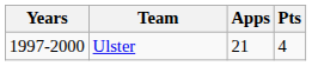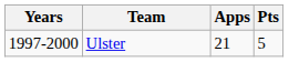 <table class="wikitable" style="text-align:left;">
 <tr>
 <th>Years</th>
 <th width=120px>Team</th>
 <th>Apps</th>
 <th>Pts</th>
 </tr>
 <tr>
 <td>1997-2000</td>
 <td><a href='#'>Ulster</a></td>
 <td>21</td>
-<td>4</td>
+<td>5</td>
 </tr>
 </table>
